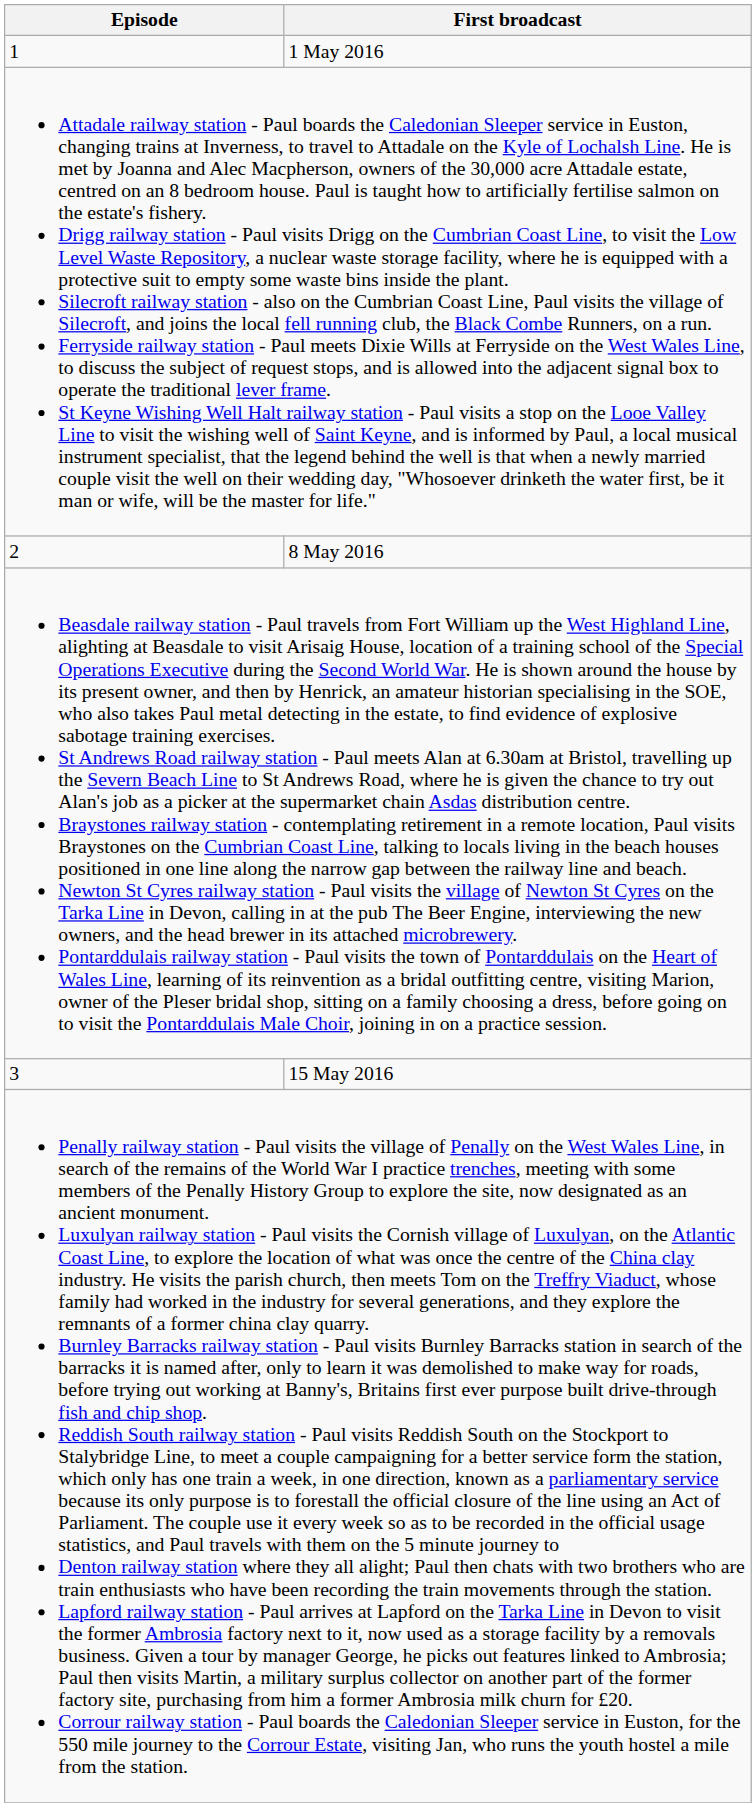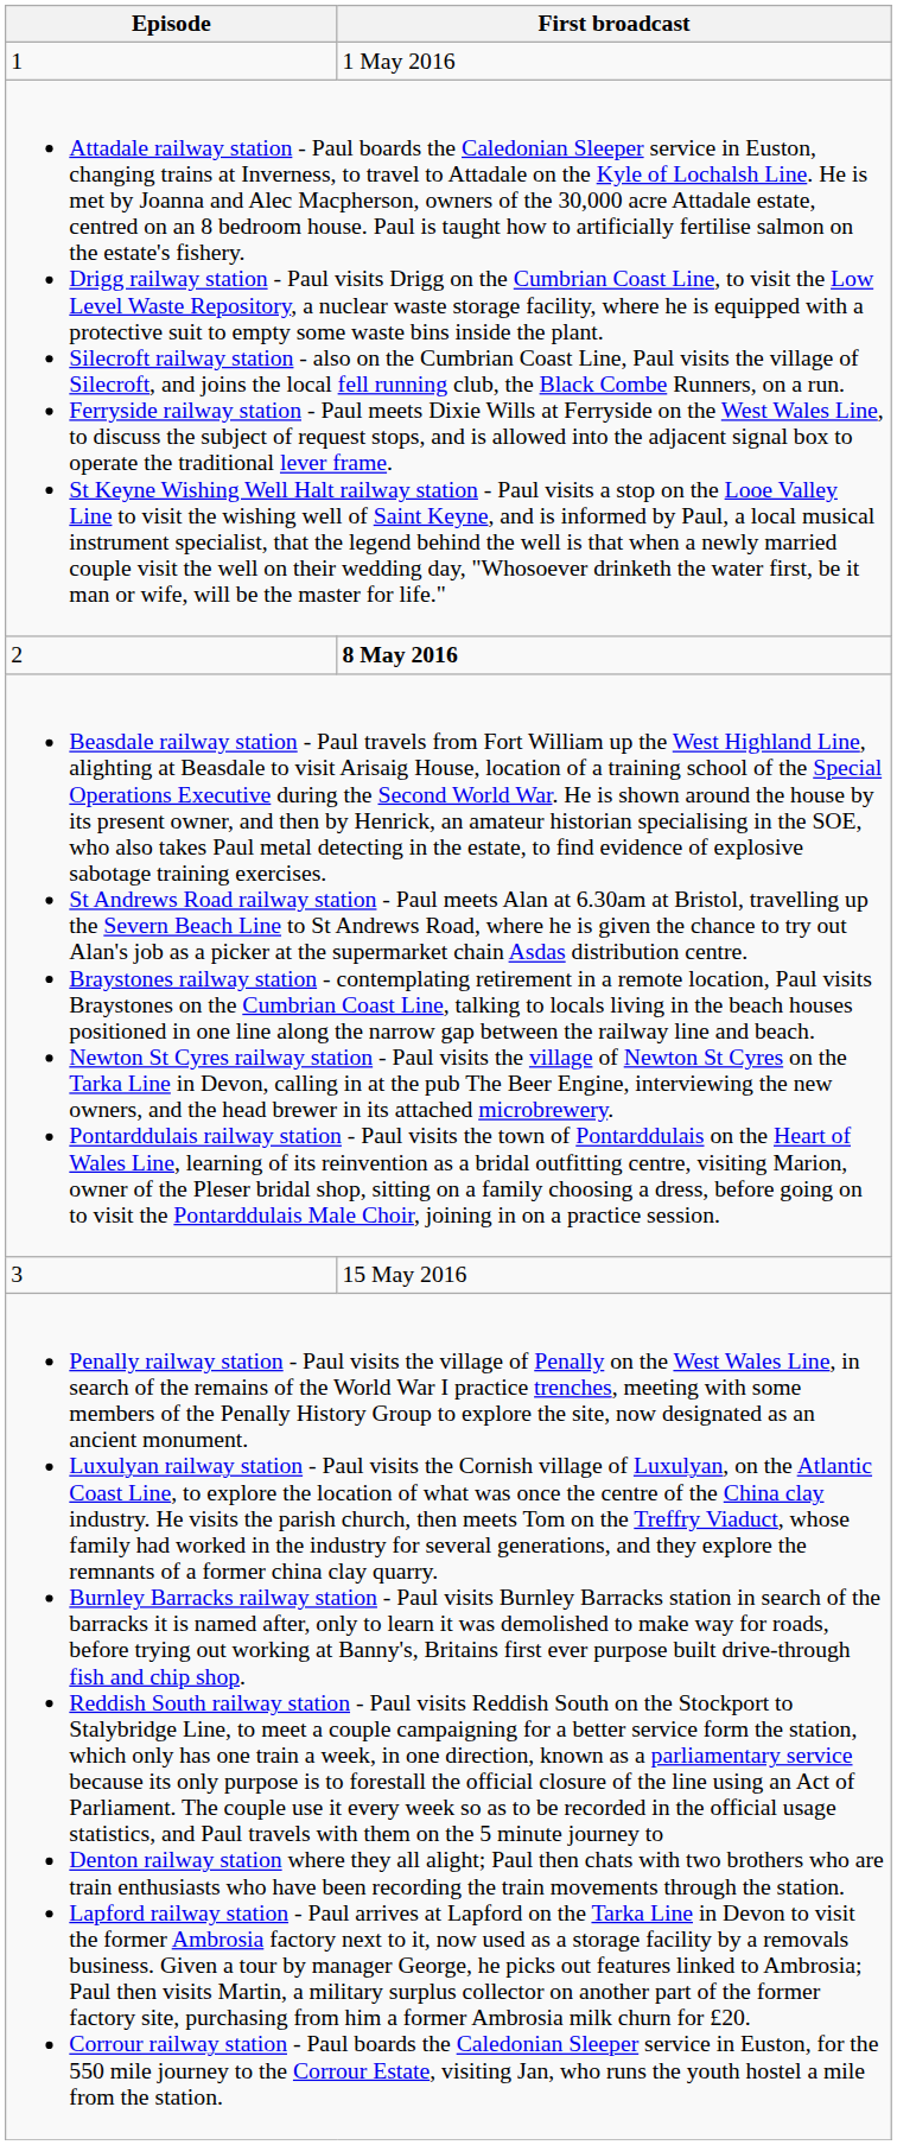 <table class="wikitable">
 <tr>
 <th>Episode</th>
 <th>First broadcast</th>
 </tr>
 <tr>
 <td>1</td>
 <td>1 May 2016</td>
 </tr>
 <tr>
 <td colspan="2"><br><ul><li><a href='#'>Attadale railway station</a> - Paul boards the <a href='#'>Caledonian Sleeper</a> service in Euston, changing trains at Inverness, to travel to Attadale on the <a href='#'>Kyle of Lochalsh Line</a>. He is met by Joanna and Alec Macpherson, owners of the 30,000 acre Attadale estate, centred on an 8 bedroom house. Paul is taught how to artificially fertilise salmon on the estate's fishery.</li><li><a href='#'>Drigg railway station</a> - Paul visits Drigg on the <a href='#'>Cumbrian Coast Line</a>, to visit the <a href='#'>Low Level Waste Repository</a>, a nuclear waste storage facility, where he is equipped with a protective suit to empty some waste bins inside the plant.</li><li><a href='#'>Silecroft railway station</a> - also on the Cumbrian Coast Line, Paul visits the village of <a href='#'>Silecroft</a>, and joins the local <a href='#'>fell running</a> club, the <a href='#'>Black Combe</a> Runners, on a run.</li><li><a href='#'>Ferryside railway station</a> - Paul meets Dixie Wills at Ferryside on the <a href='#'>West Wales Line</a>, to discuss the subject of request stops, and is allowed into the adjacent signal box to operate the traditional <a href='#'>lever frame</a>.</li><li><a href='#'>St Keyne Wishing Well Halt railway station</a> - Paul visits a stop on the <a href='#'>Looe Valley Line</a> to visit the wishing well of <a href='#'>Saint Keyne</a>, and is informed by Paul, a local musical instrument specialist, that the legend behind the well is that when a newly married couple visit the well on their wedding day, "Whosoever drinketh the water first, be it man or wife, will be the master for life."</li></ul></td>
 </tr>
 <tr>
 <td>2</td>
-<td>8 May 2016</td>
+<td><strong>8 May 2016</strong></td>
 </tr>
 <tr>
 <td colspan="2"><br><ul><li><a href='#'>Beasdale railway station</a> - Paul travels from Fort William up the <a href='#'>West Highland Line</a>, alighting at Beasdale to visit Arisaig House, location of a training school of the <a href='#'>Special Operations Executive</a> during the <a href='#'>Second World War</a>. He is shown around the house by its present owner, and then by Henrick, an amateur historian specialising in the SOE, who also takes Paul metal detecting in the estate, to find evidence of explosive sabotage training exercises.</li><li><a href='#'>St Andrews Road railway station</a> - Paul meets Alan at 6.30am at Bristol, travelling up the <a href='#'>Severn Beach Line</a> to St Andrews Road, where he is given the chance to try out Alan's job as a picker at the supermarket chain <a href='#'>Asdas</a> distribution centre.</li><li><a href='#'>Braystones railway station</a> - contemplating retirement in a remote location, Paul visits Braystones on the <a href='#'>Cumbrian Coast Line</a>, talking to locals living in the beach houses positioned in one line along the narrow gap between the railway line and beach.</li><li><a href='#'>Newton St Cyres railway station</a> - Paul visits the <a href='#'>village</a> of <a href='#'>Newton St Cyres</a> on the <a href='#'>Tarka Line</a> in Devon, calling in at the pub The Beer Engine, interviewing the new owners, and the head brewer in its attached <a href='#'>microbrewery</a>.</li><li><a href='#'>Pontarddulais railway station</a> - Paul visits the town of <a href='#'>Pontarddulais</a> on the <a href='#'>Heart of Wales Line</a>, learning of its reinvention as a bridal outfitting centre, visiting Marion, owner of the Pleser bridal shop, sitting on a family choosing a dress, before going on to visit the <a href='#'>Pontarddulais Male Choir</a>, joining in on a practice session.</li></ul></td>
 </tr>
 <tr>
 <td>3</td>
 <td>15 May 2016</td>
 </tr>
 <tr>
 <td colspan="2"><br><ul><li><a href='#'>Penally railway station</a> - Paul visits the village of <a href='#'>Penally</a> on the <a href='#'>West Wales Line</a>, in search of the remains of the World War I practice <a href='#'>trenches</a>, meeting with some members of the Penally History Group to explore the site, now designated as an ancient monument.</li><li><a href='#'>Luxulyan railway station</a> - Paul visits the Cornish village of <a href='#'>Luxulyan</a>, on the <a href='#'>Atlantic Coast Line</a>, to explore the location of what was once the centre of the <a href='#'>China clay</a> industry. He visits the parish church, then meets Tom on the <a href='#'>Treffry Viaduct</a>, whose family had worked in the industry for several generations, and they explore the remnants of a former china clay quarry.</li><li><a href='#'>Burnley Barracks railway station</a> - Paul visits Burnley Barracks station in search of the barracks it is named after, only to learn it was demolished to make way for roads, before trying out working at Banny's, Britains first ever purpose built drive-through <a href='#'>fish and chip shop</a>.</li><li><a href='#'>Reddish South railway station</a> - Paul visits Reddish South on the Stockport to Stalybridge Line, to meet a couple campaigning for a better service form the station, which only has one train a week, in one direction, known as a <a href='#'>parliamentary service</a> because its only purpose is to forestall the official closure of the line using an Act of Parliament. The couple use it every week so as to be recorded in the official usage statistics, and Paul travels with them on the 5 minute journey to</li><li><a href='#'>Denton railway station</a> where they all alight; Paul then chats with two brothers who are train enthusiasts who have been recording the train movements through the station.</li><li><a href='#'>Lapford railway station</a> - Paul arrives at Lapford on the <a href='#'>Tarka Line</a> in Devon to visit the former <a href='#'>Ambrosia</a> factory next to it, now used as a storage facility by a removals business. Given a tour by manager George, he picks out features linked to Ambrosia; Paul then visits Martin, a military surplus collector on another part of the former factory site, purchasing from him a former Ambrosia milk churn for £20.</li><li><a href='#'>Corrour railway station</a> - Paul boards the <a href='#'>Caledonian Sleeper</a> service in Euston, for the 550 mile journey to the <a href='#'>Corrour Estate</a>, visiting Jan, who runs the youth hostel a mile from the station.</li></ul></td>
 </tr>
 </table>
